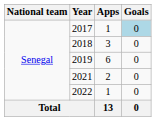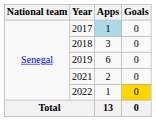 <table class="wikitable" style="text-align:center">
 <tr>
 <th>National team</th>
 <th>Year</th>
 <th>Apps</th>
 <th>Goals</th>
 </tr>
 <tr>
 <td rowspan="5"><a href='#'>Senegal</a></td>
 <td>2017</td>
-<td>1</td>
-<td style="background: lightblue;">0</td>
+<td style="background: lightblue;">1</td>
+<td>0</td>
 </tr>
 <tr>
 <td>2018</td>
 <td>3</td>
 <td>0</td>
 </tr>
 <tr>
 <td>2019</td>
 <td>6</td>
 <td>0</td>
 </tr>
 <tr>
 <td>2021</td>
 <td>2</td>
 <td>0</td>
 </tr>
 <tr>
 <td>2022</td>
 <td>1</td>
-<td>0</td>
+<td style="background: gold;">0</td>
 </tr>
 <tr>
 <th colspan="2">Total</th>
 <th>13</th>
 <th>0</th>
 </tr>
 </table>
